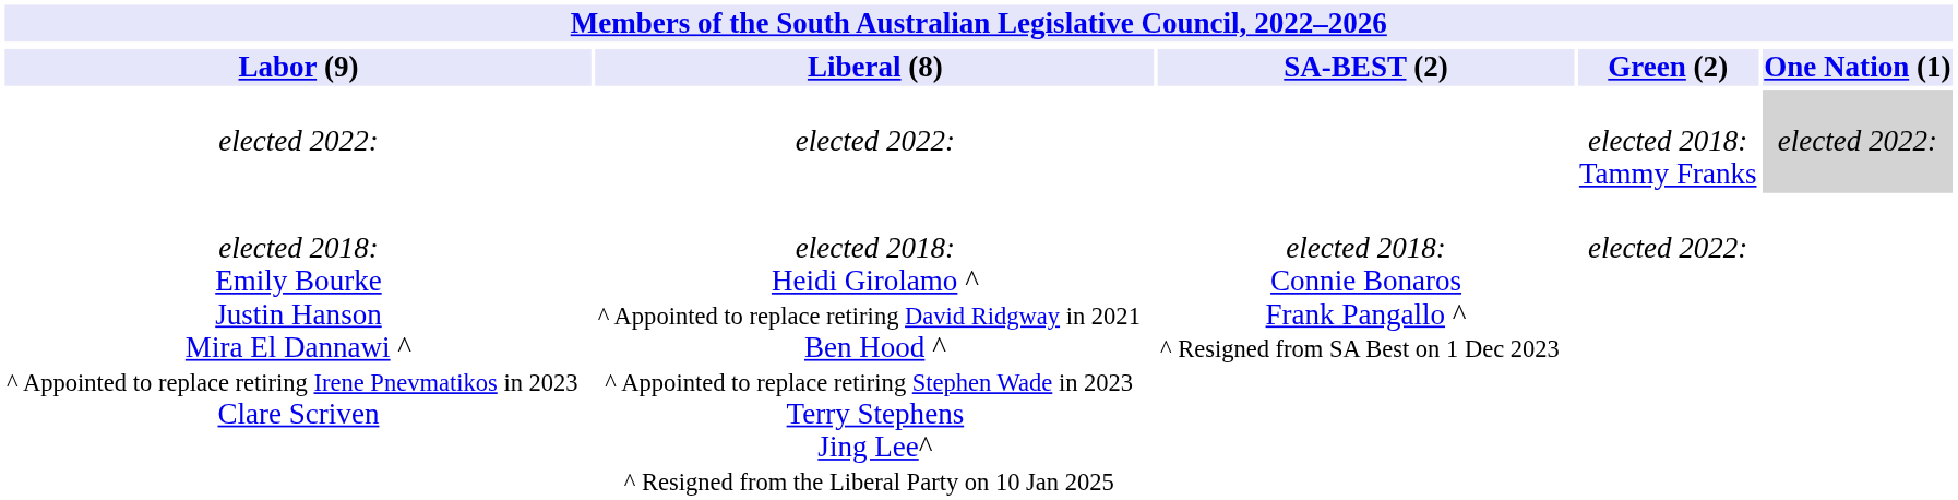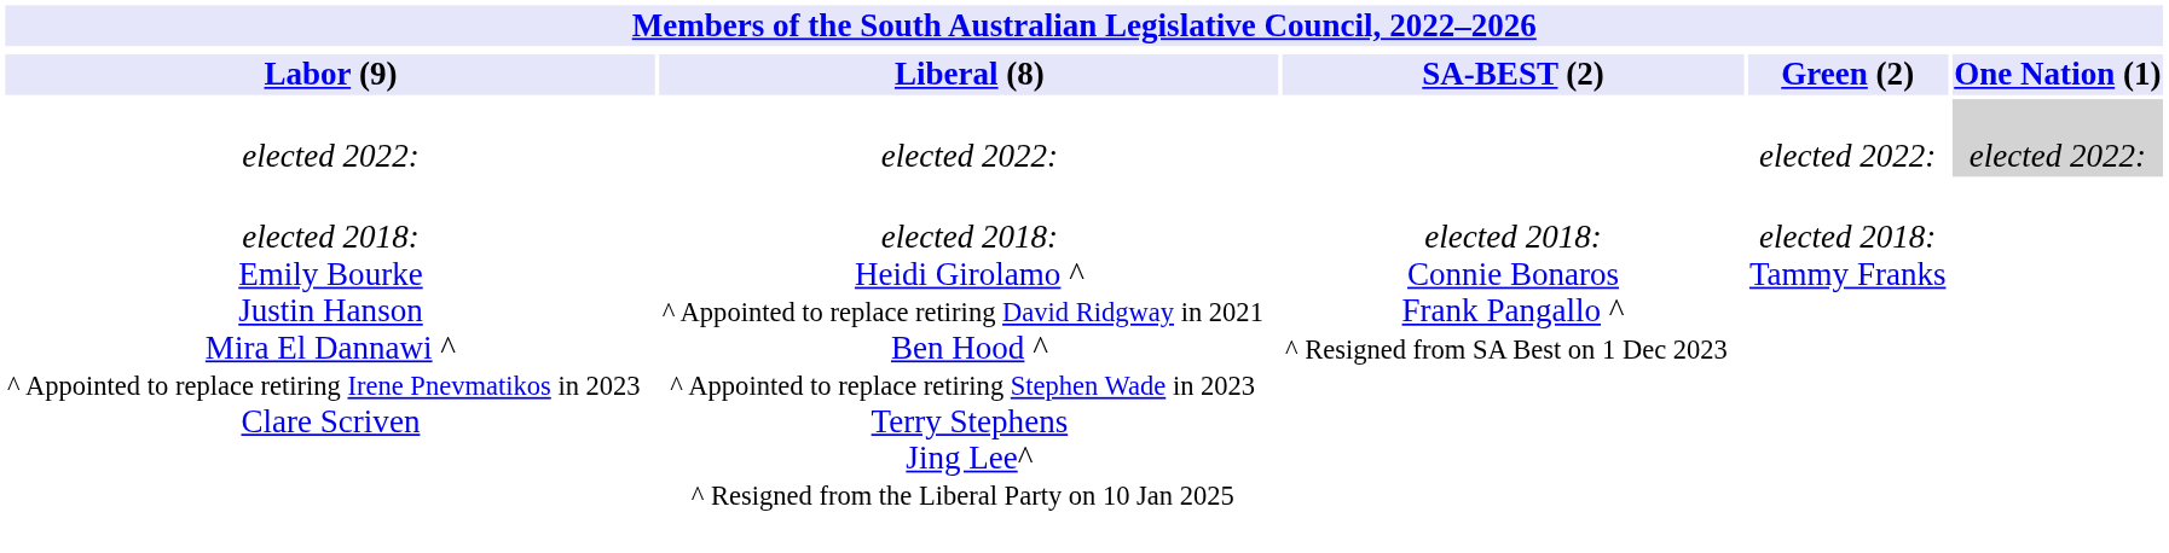 <table class="toccolours" style="table-layout:fixed;">
 <tr>
 <th colspan="5" style="background:lavender;text-align:center;"><a href='#'>Members of the South Australian Legislative Council, 2022–2026</a></th>
 </tr>
 <tr style="background:lavender;text-align:center;">
 </tr>
 <tr style="background:lavender;text-align:center;">
 <th><a href='#'>Labor</a> (9)</th>
 <th><a href='#'>Liberal</a> (8)</th>
 <th><a href='#'>SA-BEST</a> (2)</th>
 <th><a href='#'>Green</a> (2)</th>
 <th><a href='#'>One Nation</a> (1)</th>
 </tr>
 <tr style="vertical-align:top; text-align:center;">
 <td><br><em>elected 2022:</em> </td>
 <td><br><em>elected 2022:</em> </td>
 <td></td>
-<td><br><em>elected 2018:</em><br> <a href='#'>Tammy Franks</a></td>
+<td><br><em>elected 2022:</em> </td>
 <td style="background: lightgrey;"><br><em>elected 2022:</em> </td>
 </tr>
 <tr style="vertical-align:top; text-align:center;">
 <td><br><em>elected 2018:</em><br> <a href='#'>Emily Bourke</a><br> <a href='#'>Justin Hanson</a><br><a href='#'>Mira El Dannawi</a> ^<br><small>^ Appointed to replace retiring <a href='#'>Irene Pnevmatikos</a> in 2023  </small><br> <a href='#'>Clare Scriven</a><br></td>
 <td><br><em>elected 2018:</em><br> <a href='#'>Heidi Girolamo</a> ^<br><small>^ Appointed to replace retiring <a href='#'>David Ridgway</a> in 2021  </small><br> <a href='#'>Ben Hood</a> ^<br><small>^ Appointed to replace retiring <a href='#'>Stephen Wade</a> in 2023  </small><br> <a href='#'>Terry Stephens</a><br> <a href='#'>Jing Lee</a>^<br><small>^ Resigned from the Liberal Party on 10 Jan 2025  </small><br></td>
 <td><br><em>elected 2018:</em><br> <a href='#'>Connie Bonaros</a><br> <a href='#'>Frank Pangallo</a> ^<br><small>^ Resigned from SA Best on 1 Dec 2023  </small><br></td>
-<td><br><em>elected 2022:</em> </td>
+<td><br><em>elected 2018:</em><br> <a href='#'>Tammy Franks</a></td>
 <td></td>
 </tr>
 </table>
